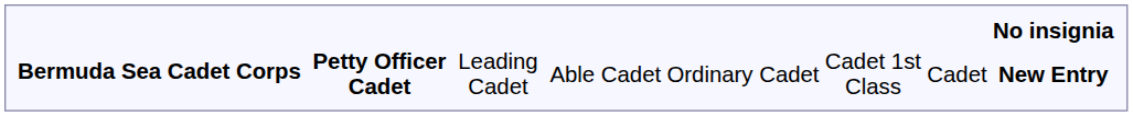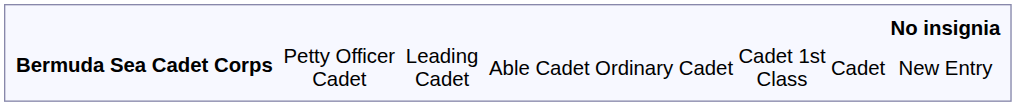 <table style="border:1px solid #8888aa; background-color:#f7f8ff; padding:5px; font-size:95%; margin: 0px 12px 12px 0px;">
 <tr style="text-align:center;">
 <th rowspan=3><br>Bermuda Sea Cadet Corps</th>
 <td rowspan=2 colspan=1></td>
 <td></td>
 <td rowspan=2 colspan=2></td>
 <td></td>
 <td rowspan=2 colspan=2></td>
 <td></td>
 <td></td>
 <td></td>
 <td></td>
 <td><strong>No insignia</strong></td>
 </tr>
 <tr style="text-align:center;">
-<td><strong>Petty Officer<br>Cadet</strong></td>
+<td>Petty Officer<br>Cadet</td>
 <td>Leading<br>Cadet</td>
 <td>Able Cadet</td>
 <td>Ordinary Cadet</td>
 <td>Cadet 1st<br>Class</td>
 <td>Cadet</td>
-<td><strong>New Entry</strong></td>
+<td>New Entry</td>
 </tr>
 </table>
